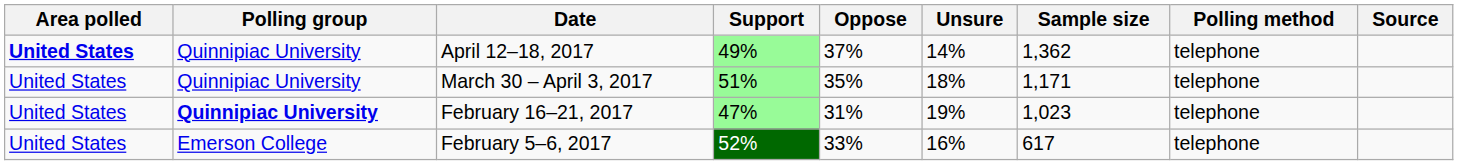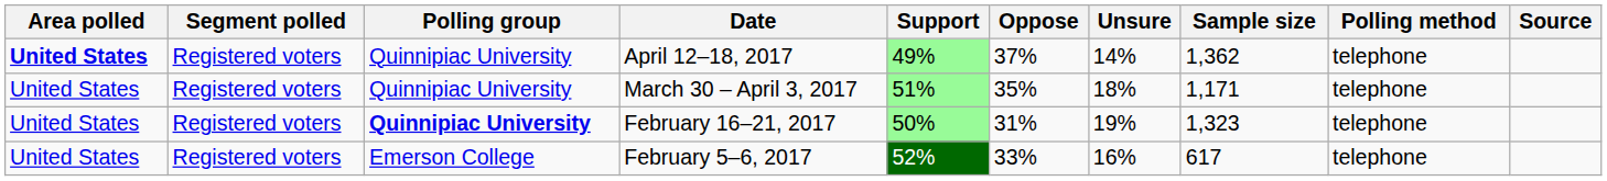 <table class="wikitable sortable" style="width: 75%;">
 <tr>
 <th>Area polled</th>
+<th>Segment polled</th>
 <th>Polling group</th>
 <th>Date</th>
 <th>Support</th>
 <th>Oppose</th>
 <th>Unsure</th>
 <th>Sample size</th>
 <th>Polling method</th>
 <th>Source</th>
 </tr>
 <tr>
 <td><strong> <a href='#'>United States</a></strong></td>
+<td><a href='#'>Registered voters</a></td>
 <td><a href='#'>Quinnipiac University</a></td>
 <td>April 12–18, 2017</td>
 <td style="background: PaleGreen; color: black">49%</td>
 <td>37%</td>
 <td>14%</td>
 <td>1,362</td>
 <td>telephone</td>
 <td></td>
 </tr>
 <tr>
 <td> <a href='#'>United States</a></td>
+<td><a href='#'>Registered voters</a></td>
 <td><a href='#'>Quinnipiac University</a></td>
 <td>March 30 – April 3, 2017</td>
 <td style="background: PaleGreen; color: black">51%</td>
 <td>35%</td>
 <td>18%</td>
 <td>1,171</td>
 <td>telephone</td>
 <td></td>
 </tr>
 <tr>
 <td> <a href='#'>United States</a></td>
+<td><a href='#'>Registered voters</a></td>
 <td><strong><a href='#'>Quinnipiac University</a></strong></td>
 <td>February 16–21, 2017</td>
-<td style="background: PaleGreen; color: black">47%</td>
+<td style="background: PaleGreen; color: black">50%</td>
 <td>31%</td>
 <td>19%</td>
-<td>1,023</td>
+<td>1,323</td>
 <td>telephone</td>
 <td></td>
 </tr>
 <tr>
 <td> <a href='#'>United States</a></td>
+<td><a href='#'>Registered voters</a></td>
 <td><a href='#'>Emerson College</a></td>
 <td>February 5–6, 2017</td>
 <td style="background:#006800; color: white">52%</td>
 <td>33%</td>
 <td>16%</td>
 <td>617</td>
 <td>telephone</td>
 <td></td>
 </tr>
 </table>
